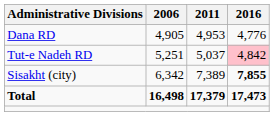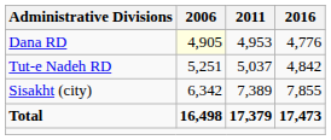 <table class="wikitable">
 <tr>
 <th>Administrative Divisions</th>
 <th>2006</th>
 <th>2011</th>
 <th>2016</th>
 </tr>
 <tr>
 <td><a href='#'>Dana RD</a></td>
-<td style="text-align: right;">4,905</td>
+<td style="background: lightyellow; text-align: right;">4,905</td>
 <td style="text-align: right;">4,953</td>
 <td style="text-align: right;">4,776</td>
 </tr>
 <tr>
 <td><a href='#'>Tut-e Nadeh RD</a></td>
 <td style="text-align: right;">5,251</td>
 <td style="text-align: right;">5,037</td>
-<td style="background: pink; text-align: right;">4,842</td>
+<td style="text-align: right;">4,842</td>
 </tr>
 <tr>
 <td><a href='#'>Sisakht</a> (city)</td>
 <td style="text-align: right;">6,342</td>
 <td style="text-align: right;">7,389</td>
-<td style="text-align: right;"><strong>7,855</strong></td>
+<td style="text-align: right;">7,855</td>
 </tr>
 <tr>
 <td><strong>Total</strong></td>
 <td style="text-align: right;"><strong>16,498</strong></td>
 <td style="text-align: right;"><strong>17,379</strong></td>
 <td style="text-align: right;"><strong>17,473</strong></td>
 </tr>
 <tr>
 <td colspan=4></td>
 </tr>
 </table>
